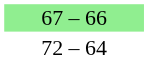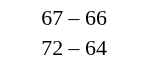 <table style="text-align:center;">
 <tr>
 <th width=200></th>
 <th width=100></th>
 <th width=200></th>
 <th></th>
 </tr>
 <tr>
 <td align=right><strong></strong></td>
-<td style="background: lightgreen;">67 – 66</td>
+<td>67 – 66</td>
 <td align=left></td>
 </tr>
 <tr>
 <td align=right><strong></strong></td>
 <td>72 – 64</td>
 <td align=left></td>
 </tr>
 </table>
